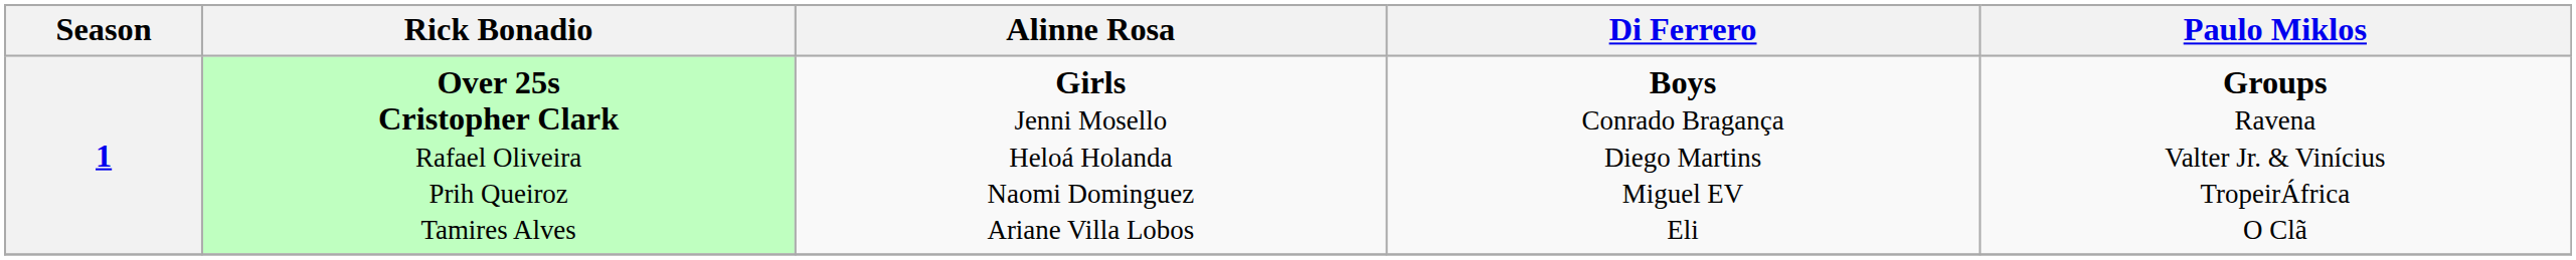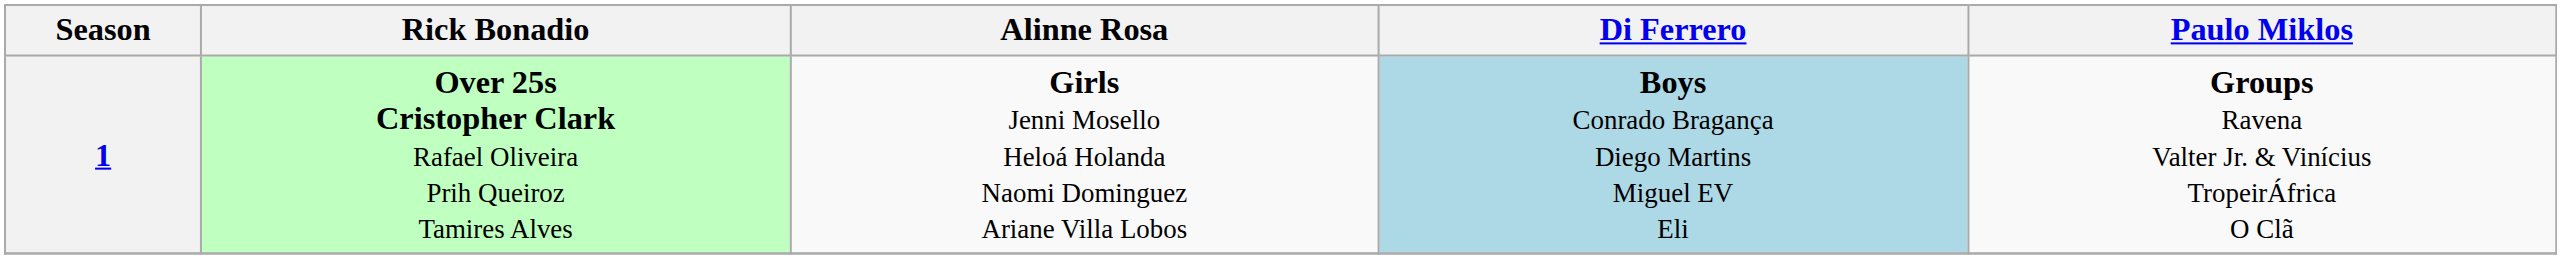 <table class="wikitable" style="text-align:center; width:100%;">
 <tr>
 <th style="width:05%;" scope="col">Season</th>
 <th style="width:15%;" scope="col">Rick Bonadio</th>
 <th style="width:15%;" scope="col">Alinne Rosa</th>
 <th style="width:15%;" scope="col"><a href='#'>Di Ferrero</a></th>
 <th style="width:15%;" scope="col"><a href='#'>Paulo Miklos</a></th>
 </tr>
 <tr>
 <th scope="row"><a href='#'>1</a></th>
 <td bgcolor="#BFFFC0"><strong>Over 25s</strong><br><strong>Cristopher Clark</strong><br><small>Rafael Oliveira<br>Prih Queiroz<br>Tamires Alves</small></td>
 <td><strong>Girls</strong><br><small>Jenni Mosello<br>Heloá Holanda<br>Naomi Dominguez<br>Ariane Villa Lobos</small></td>
-<td><strong>Boys</strong><br><small>Conrado Bragança<br>Diego Martins<br>Miguel EV<br>Eli</small></td>
+<td style="background: lightblue;"><strong>Boys</strong><br><small>Conrado Bragança<br>Diego Martins<br>Miguel EV<br>Eli</small></td>
 <td><strong>Groups</strong><br><small>Ravena<br>Valter Jr. & Vinícius<br>TropeirÁfrica<br>O Clã</small></td>
 </tr>
 <tr>
 </tr>
 </table>
